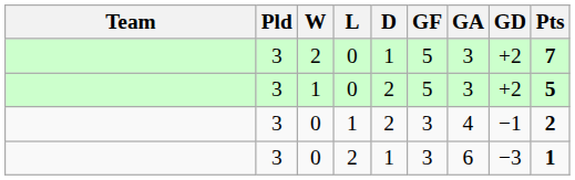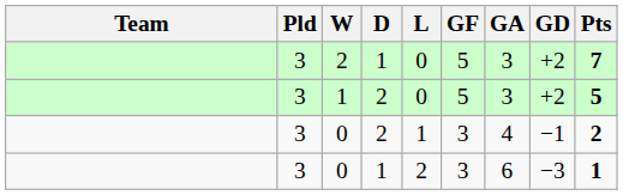 <table class="wikitable" style="text-align:center">
 <tr>
 <th width=180>Team</th>
 <th width=20>Pld</th>
 <th width=20>W</th>
+<th width=20>D</th>
 <th width=20>L</th>
-<th width=20>D</th>
 <th width=20>GF</th>
 <th width=20>GA</th>
 <th width=20>GD</th>
 <th width=20>Pts</th>
 </tr>
 <tr bgcolor="#ccffcc">
 <td align="left"></td>
 <td>3</td>
 <td>2</td>
+<td>1</td>
 <td>0</td>
-<td>1</td>
 <td>5</td>
 <td>3</td>
 <td>+2</td>
 <td><strong>7</strong></td>
 </tr>
 <tr bgcolor="#ccffcc">
 <td align="left"></td>
 <td>3</td>
 <td>1</td>
+<td>2</td>
 <td>0</td>
-<td>2</td>
 <td>5</td>
 <td>3</td>
 <td>+2</td>
 <td><strong>5</strong></td>
 </tr>
 <tr>
 <td align="left"></td>
 <td>3</td>
 <td>0</td>
+<td>2</td>
 <td>1</td>
-<td>2</td>
 <td>3</td>
 <td>4</td>
 <td>−1</td>
 <td><strong>2</strong></td>
 </tr>
 <tr>
 <td align="left"></td>
 <td>3</td>
 <td>0</td>
+<td>1</td>
 <td>2</td>
-<td>1</td>
 <td>3</td>
 <td>6</td>
 <td>−3</td>
 <td><strong>1</strong></td>
 </tr>
 </table>
